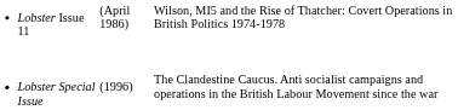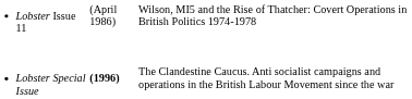 <table>
 <tr>
 <td><br><ul><li><em>Lobster</em> Issue 11</li></ul></td>
 <td>(April 1986)  </td>
 <td>Wilson, MI5 and the Rise of Thatcher: Covert Operations in British Politics 1974-1978</td>
 </tr>
 <tr>
 <td><br><ul><li><em>Lobster Special Issue</em>     </li></ul></td>
-<td>(1996)</td>
+<td><strong>(1996)</strong></td>
 <td>The Clandestine Caucus. Anti socialist campaigns and operations in the British Labour Movement since the war</td>
 </tr>
 </table>
